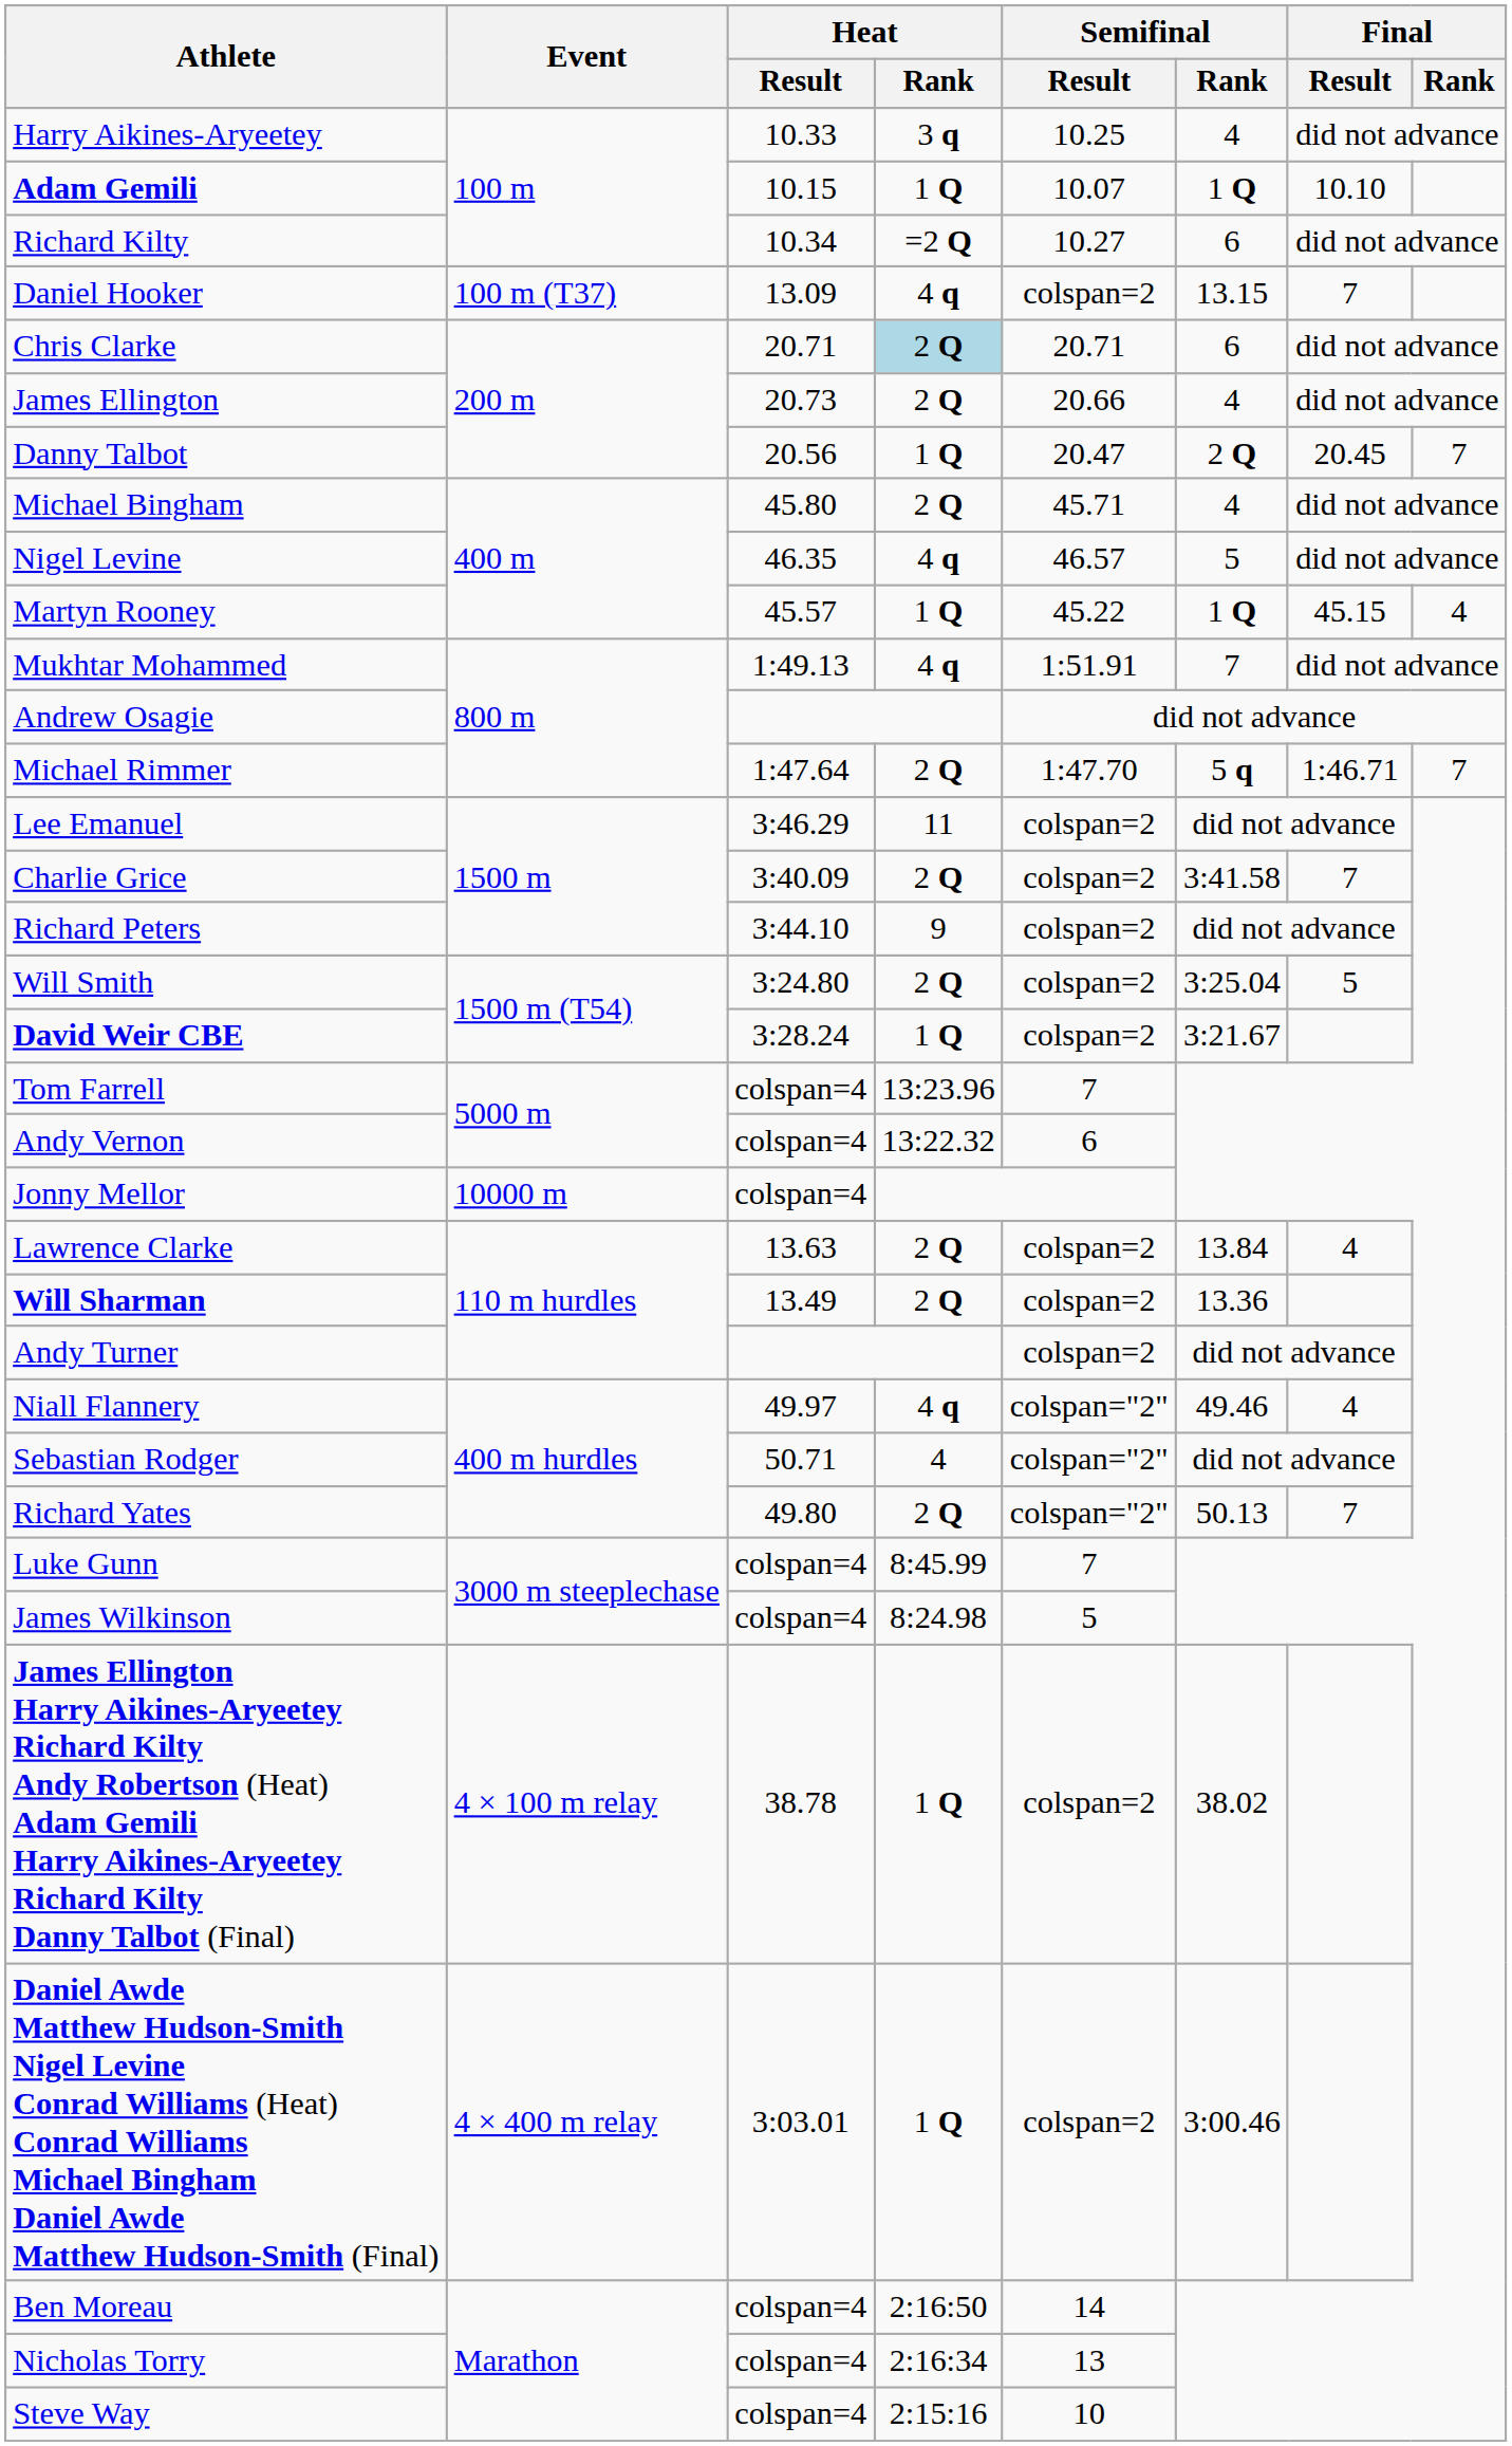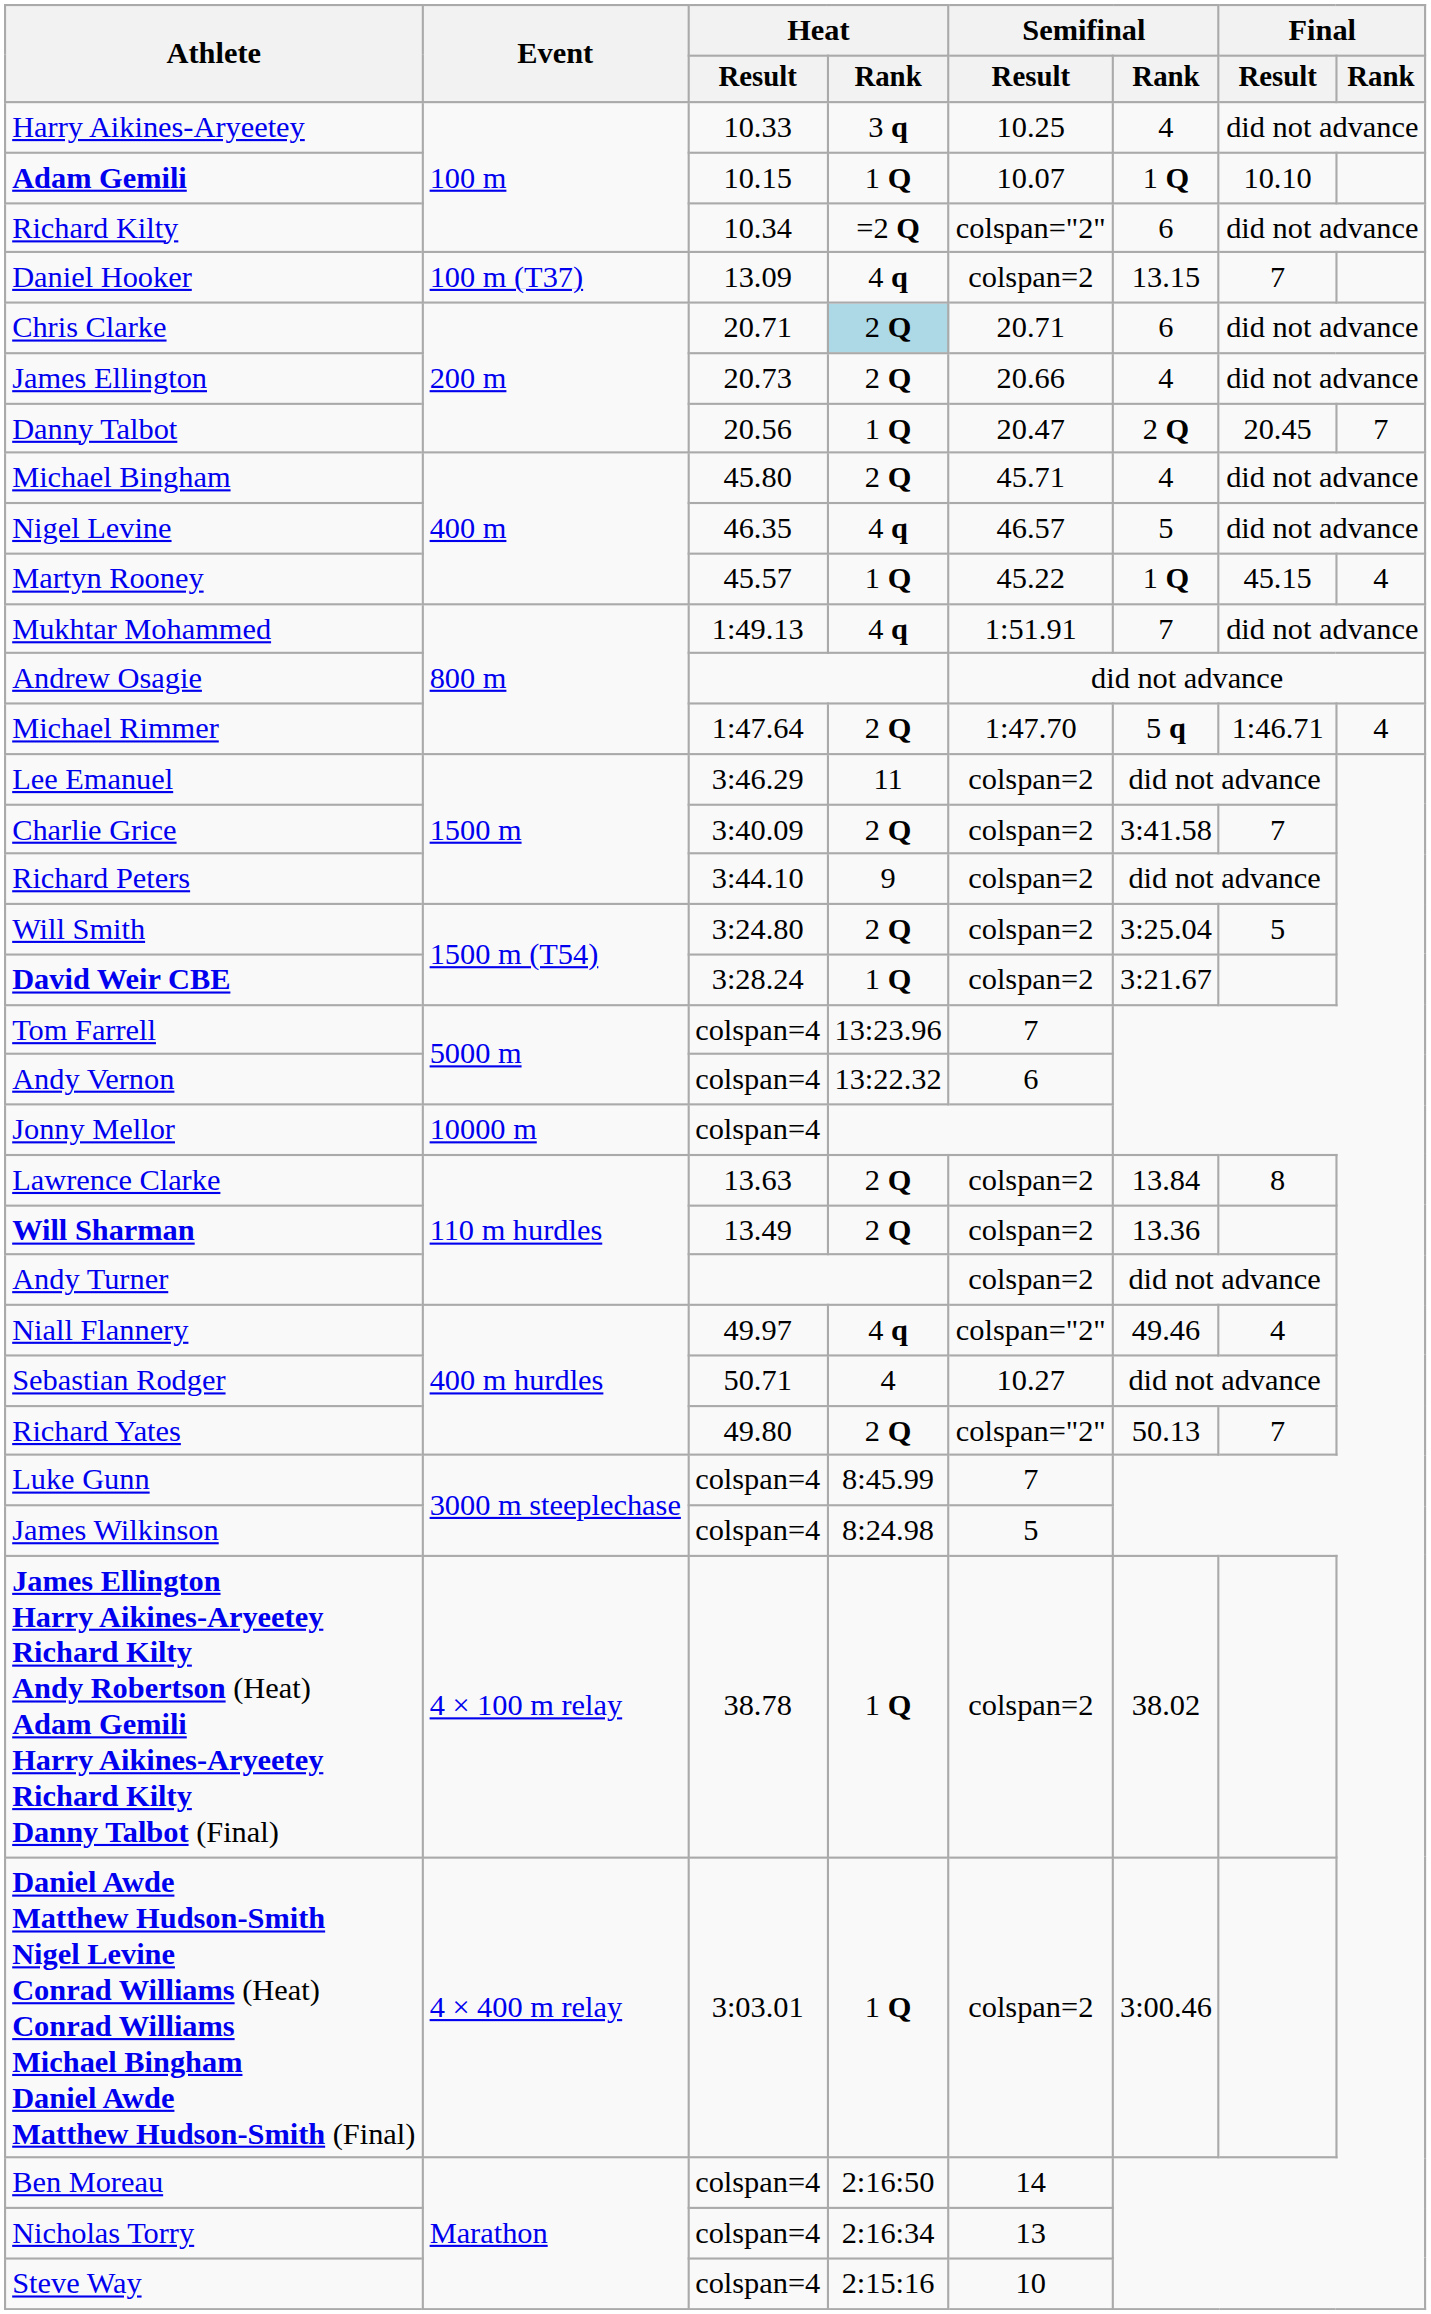 <table class="wikitable" style="font-size:90%">
 <tr>
 <th rowspan=2>Athlete</th>
 <th rowspan=2>Event</th>
 <th colspan=2>Heat</th>
 <th colspan=2>Semifinal</th>
 <th colspan=2>Final</th>
 </tr>
 <tr style="font-size:95%">
 <th>Result</th>
 <th>Rank</th>
 <th>Result</th>
 <th>Rank</th>
 <th>Result</th>
 <th>Rank</th>
 </tr>
 <tr align=center>
 <td align=left><a href='#'>Harry Aikines-Aryeetey</a></td>
 <td style="text-align:left;" rowspan="3"><a href='#'>100 m</a></td>
 <td>10.33</td>
 <td>3 <strong>q</strong></td>
 <td>10.25</td>
 <td>4</td>
 <td colspan=2>did not advance</td>
 </tr>
 <tr align=center>
 <td align=left><strong><a href='#'>Adam Gemili</a></strong></td>
 <td>10.15</td>
 <td>1 <strong>Q</strong></td>
 <td>10.07</td>
 <td>1 <strong>Q</strong></td>
 <td>10.10</td>
 <td></td>
 </tr>
 <tr align=center>
 <td align=left><a href='#'>Richard Kilty</a></td>
 <td>10.34</td>
 <td>=2 <strong>Q</strong></td>
-<td>10.27</td>
+<td>colspan="2" </td>
 <td>6</td>
 <td colspan=2>did not advance</td>
 </tr>
 <tr align=center>
 <td align=left><a href='#'>Daniel Hooker</a></td>
 <td align=left><a href='#'>100 m (T37)</a></td>
 <td>13.09</td>
 <td>4 <strong>q</strong></td>
 <td>colspan=2 </td>
 <td>13.15</td>
 <td>7</td>
 </tr>
 <tr align=center>
 <td align=left><a href='#'>Chris Clarke</a></td>
 <td style="text-align:left;" rowspan="3"><a href='#'>200 m</a></td>
 <td>20.71</td>
 <td style="background: lightblue;">2 <strong>Q</strong></td>
 <td>20.71</td>
 <td>6</td>
 <td colspan=2>did not advance</td>
 </tr>
 <tr align=center>
 <td align=left><a href='#'>James Ellington</a></td>
 <td>20.73</td>
 <td>2 <strong>Q</strong></td>
 <td>20.66</td>
 <td>4</td>
 <td colspan=2>did not advance</td>
 </tr>
 <tr align=center>
 <td align=left><a href='#'>Danny Talbot</a></td>
 <td>20.56</td>
 <td>1 <strong>Q</strong></td>
 <td>20.47</td>
 <td>2 <strong>Q</strong></td>
 <td>20.45</td>
 <td>7</td>
 </tr>
 <tr align=center>
 <td align=left><a href='#'>Michael Bingham</a></td>
 <td style="text-align:left;" rowspan="3"><a href='#'>400 m</a></td>
 <td>45.80</td>
 <td>2 <strong>Q</strong></td>
 <td>45.71</td>
 <td>4</td>
 <td colspan=2>did not advance</td>
 </tr>
 <tr align=center>
 <td align=left><a href='#'>Nigel Levine</a></td>
 <td>46.35</td>
 <td>4 <strong>q</strong></td>
 <td>46.57</td>
 <td>5</td>
 <td colspan=2>did not advance</td>
 </tr>
 <tr align=center>
 <td align=left><a href='#'>Martyn Rooney</a></td>
 <td>45.57</td>
 <td>1 <strong>Q</strong></td>
 <td>45.22</td>
 <td>1 <strong>Q</strong></td>
 <td>45.15</td>
 <td>4</td>
 </tr>
 <tr align=center>
 <td align=left><a href='#'>Mukhtar Mohammed</a></td>
 <td style="text-align:left;" rowspan="3"><a href='#'>800 m</a></td>
 <td>1:49.13</td>
 <td>4 <strong>q</strong></td>
 <td>1:51.91</td>
 <td>7</td>
 <td colspan=2>did not advance</td>
 </tr>
 <tr align=center>
 <td align=left><a href='#'>Andrew Osagie</a></td>
 <td colspan=2></td>
 <td colspan=4>did not advance</td>
 </tr>
 <tr align=center>
 <td align=left><a href='#'>Michael Rimmer</a></td>
 <td>1:47.64</td>
 <td>2 <strong>Q</strong></td>
 <td>1:47.70</td>
 <td>5 <strong>q</strong></td>
 <td>1:46.71</td>
-<td>7</td>
+<td>4</td>
 </tr>
 <tr align=center>
 <td align=left><a href='#'>Lee Emanuel</a></td>
 <td style="text-align:left;" rowspan="3"><a href='#'>1500 m</a></td>
 <td>3:46.29</td>
 <td>11</td>
 <td>colspan=2 </td>
 <td colspan=2>did not advance</td>
 </tr>
 <tr align=center>
 <td align=left><a href='#'>Charlie Grice</a></td>
 <td>3:40.09</td>
 <td>2 <strong>Q</strong></td>
 <td>colspan=2 </td>
 <td>3:41.58</td>
 <td>7</td>
 </tr>
 <tr align=center>
 <td align=left><a href='#'>Richard Peters</a></td>
 <td>3:44.10</td>
 <td>9</td>
 <td>colspan=2 </td>
 <td colspan=2>did not advance</td>
 </tr>
 <tr align=center>
 <td align=left><a href='#'>Will Smith</a></td>
 <td style="text-align:left;" rowspan="2"><a href='#'>1500 m (T54)</a></td>
 <td>3:24.80</td>
 <td>2 <strong>Q</strong></td>
 <td>colspan=2 </td>
 <td>3:25.04</td>
 <td>5</td>
 </tr>
 <tr align=center>
 <td align=left><strong><a href='#'>David Weir CBE</a></strong></td>
 <td>3:28.24</td>
 <td>1 <strong>Q</strong></td>
 <td>colspan=2 </td>
 <td>3:21.67</td>
 <td></td>
 </tr>
 <tr align=center>
 <td align=left><a href='#'>Tom Farrell</a></td>
 <td style="text-align:left;" rowspan="2"><a href='#'>5000 m</a></td>
 <td>colspan=4 </td>
 <td>13:23.96</td>
 <td>7</td>
 </tr>
 <tr align=center>
 <td align=left><a href='#'>Andy Vernon</a></td>
 <td>colspan=4 </td>
 <td>13:22.32</td>
 <td>6</td>
 </tr>
 <tr align=center>
 <td align=left><a href='#'>Jonny Mellor</a></td>
 <td align=left><a href='#'>10000 m</a></td>
 <td>colspan=4 </td>
 <td colspan=2></td>
 </tr>
 <tr align=center>
 <td align=left><a href='#'>Lawrence Clarke</a></td>
 <td style="text-align:left;" rowspan="3"><a href='#'>110 m hurdles</a></td>
 <td>13.63</td>
 <td>2 <strong>Q</strong></td>
 <td>colspan=2 </td>
 <td>13.84</td>
-<td>4</td>
+<td>8</td>
 </tr>
 <tr align=center>
 <td align=left><strong><a href='#'>Will Sharman</a></strong></td>
 <td>13.49</td>
 <td>2 <strong>Q</strong></td>
 <td>colspan=2 </td>
 <td>13.36</td>
 <td></td>
 </tr>
 <tr align=center>
 <td align=left><a href='#'>Andy Turner</a></td>
 <td colspan=2></td>
 <td>colspan=2 </td>
 <td colspan=2>did not advance</td>
 </tr>
 <tr align=center>
 <td align=left><a href='#'>Niall Flannery</a></td>
 <td style="text-align:left;" rowspan="3"><a href='#'>400 m hurdles</a></td>
 <td>49.97</td>
 <td>4 <strong>q</strong></td>
 <td>colspan="2" </td>
 <td>49.46</td>
 <td>4</td>
 </tr>
 <tr align=center>
 <td align=left><a href='#'>Sebastian Rodger</a></td>
 <td>50.71</td>
 <td>4</td>
-<td>colspan="2" </td>
+<td>10.27</td>
 <td colspan=2>did not advance</td>
 </tr>
 <tr align=center>
 <td align=left><a href='#'>Richard Yates</a></td>
 <td>49.80</td>
 <td>2 <strong>Q</strong></td>
 <td>colspan="2" </td>
 <td>50.13</td>
 <td>7</td>
 </tr>
 <tr align=center>
 <td align=left><a href='#'>Luke Gunn</a></td>
 <td style="text-align:left;" rowspan="2"><a href='#'>3000 m steeplechase</a></td>
 <td>colspan=4 </td>
 <td>8:45.99</td>
 <td>7</td>
 </tr>
 <tr align=center>
 <td align=left><a href='#'>James Wilkinson</a></td>
 <td>colspan=4 </td>
 <td>8:24.98</td>
 <td>5</td>
 </tr>
 <tr align=center>
 <td align=left><strong><a href='#'>James Ellington</a><br><a href='#'>Harry Aikines-Aryeetey</a><br><a href='#'>Richard Kilty</a><br><a href='#'>Andy Robertson</a></strong> (Heat)<br><strong><a href='#'>Adam Gemili</a><br><a href='#'>Harry Aikines-Aryeetey</a><br><a href='#'>Richard Kilty</a><br><a href='#'>Danny Talbot</a></strong> (Final)</td>
 <td align=left><a href='#'>4 × 100 m relay</a></td>
 <td>38.78</td>
 <td>1 <strong>Q</strong></td>
 <td>colspan=2 </td>
 <td>38.02</td>
 <td></td>
 </tr>
 <tr align=center>
 <td align=left><strong><a href='#'>Daniel Awde</a><br><a href='#'>Matthew Hudson-Smith</a><br><a href='#'>Nigel Levine</a><br><a href='#'>Conrad Williams</a></strong> (Heat)<br><strong><a href='#'>Conrad Williams</a><br><a href='#'>Michael Bingham</a><br><a href='#'>Daniel Awde</a><br><a href='#'>Matthew Hudson-Smith</a></strong> (Final)</td>
 <td align=left><a href='#'>4 × 400 m relay</a></td>
 <td>3:03.01</td>
 <td>1 <strong>Q</strong></td>
 <td>colspan=2 </td>
 <td>3:00.46</td>
 <td></td>
 </tr>
 <tr align=center>
 <td align=left><a href='#'>Ben Moreau</a></td>
 <td style="text-align:left;" rowspan="3"><a href='#'>Marathon</a></td>
 <td>colspan=4 </td>
 <td>2:16:50</td>
 <td>14</td>
 </tr>
 <tr align=center>
 <td align=left><a href='#'>Nicholas Torry</a></td>
 <td>colspan=4 </td>
 <td>2:16:34</td>
 <td>13</td>
 </tr>
 <tr align=center>
 <td align=left><a href='#'>Steve Way</a></td>
 <td>colspan=4 </td>
 <td>2:15:16</td>
 <td>10</td>
 </tr>
 </table>
